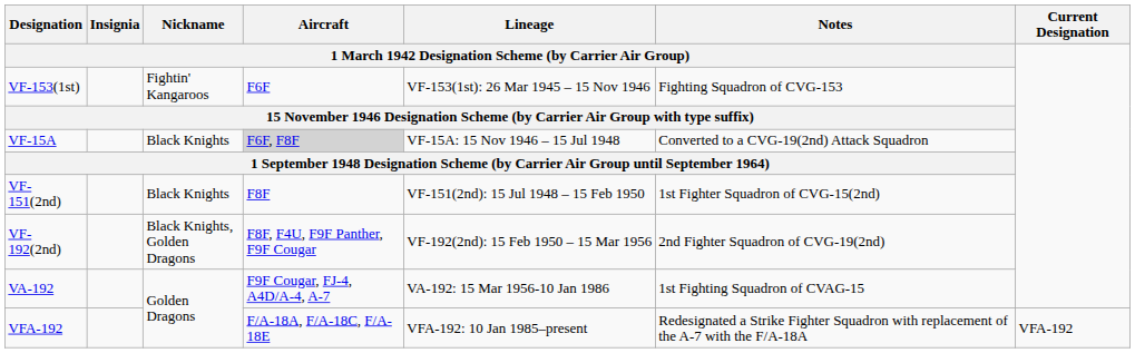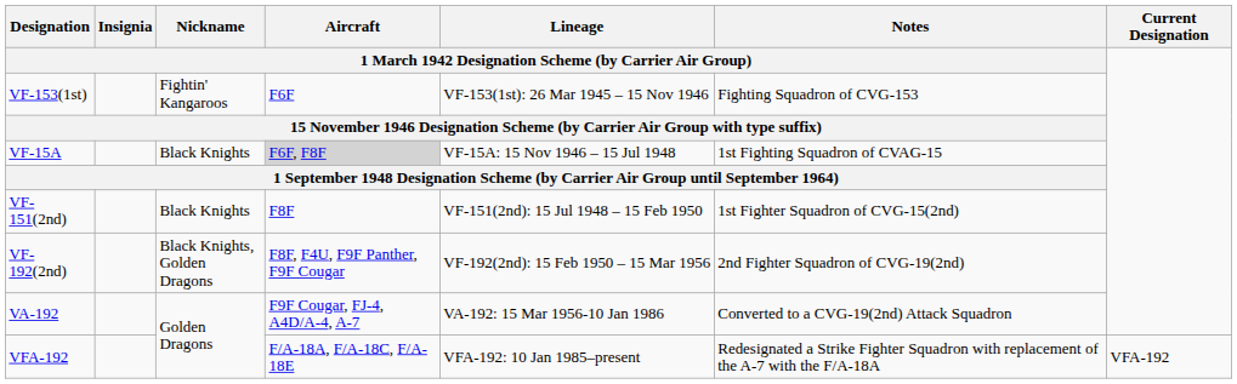 <table class="wikitable">
 <tr>
 <th>Designation</th>
 <th>Insignia</th>
 <th>Nickname</th>
 <th>Aircraft</th>
 <th>Lineage</th>
 <th>Notes</th>
 <th>Current Designation</th>
 </tr>
 <tr>
 <th colspan=6>1 March 1942 Designation Scheme (by Carrier Air Group)</th>
 </tr>
 <tr>
 <td><a href='#'>VF-153</a>(1st)</td>
 <td></td>
 <td>Fightin' Kangaroos</td>
 <td><a href='#'>F6F</a></td>
 <td style="white-space: nowrap;">VF-153(1st): 26 Mar 1945 – 15 Nov 1946</td>
 <td>Fighting Squadron of CVG-153</td>
 </tr>
 <tr>
 <th colspan=6>15 November 1946 Designation Scheme (by Carrier Air Group with type suffix)</th>
 </tr>
 <tr>
 <td><a href='#'>VF-15A</a></td>
 <td></td>
 <td>Black Knights</td>
 <td style="background: lightgrey;"><a href='#'>F6F</a>, <a href='#'>F8F</a></td>
 <td>VF-15A: 15 Nov 1946 – 15 Jul 1948</td>
-<td>Converted to a CVG-19(2nd) Attack Squadron</td>
+<td>1st Fighting Squadron of CVAG-15</td>
 </tr>
 <tr>
 <th colspan=6>1 September 1948 Designation Scheme (by Carrier Air Group until September 1964)</th>
 </tr>
 <tr>
 <td><a href='#'>VF-151</a>(2nd)</td>
 <td></td>
 <td>Black Knights</td>
 <td><a href='#'>F8F</a></td>
 <td>VF-151(2nd): 15 Jul 1948 – 15 Feb 1950</td>
 <td>1st Fighter Squadron of CVG-15(2nd)</td>
 </tr>
 <tr>
 <td><a href='#'>VF-192</a>(2nd)</td>
 <td></td>
 <td>Black Knights,<br>Golden Dragons</td>
 <td><a href='#'>F8F</a>, <a href='#'>F4U</a>, <a href='#'>F9F Panther</a>, <a href='#'>F9F Cougar</a></td>
 <td style="white-space: nowrap;">VF-192(2nd): 15 Feb 1950 – 15 Mar 1956</td>
 <td>2nd Fighter Squadron of CVG-19(2nd)</td>
 </tr>
 <tr>
 <td><a href='#'>VA-192</a></td>
 <td></td>
 <td rowspan="2">Golden Dragons</td>
 <td><a href='#'>F9F Cougar</a>, <a href='#'>FJ-4</a>, <a href='#'>A4D/A-4</a>, <a href='#'>A-7</a></td>
 <td>VA-192: 15 Mar 1956-10 Jan 1986</td>
-<td>1st Fighting Squadron of CVAG-15</td>
+<td>Converted to a CVG-19(2nd) Attack Squadron</td>
 </tr>
 <tr>
 <td><a href='#'>VFA-192</a></td>
 <td></td>
 <td><a href='#'>F/A-18A</a>, <a href='#'>F/A-18C</a>, <a href='#'>F/A-18E</a></td>
 <td style="white-space: nowrap;">VFA-192: 10 Jan 1985–present</td>
 <td>Redesignated a Strike Fighter Squadron with replacement of the A-7 with the F/A-18A</td>
 <td>VFA-192</td>
 </tr>
 </table>
